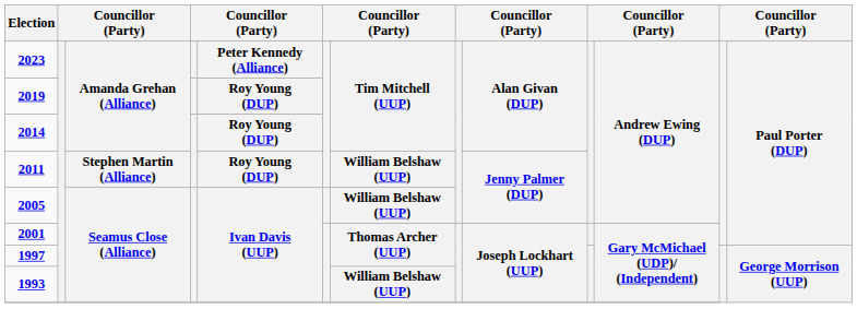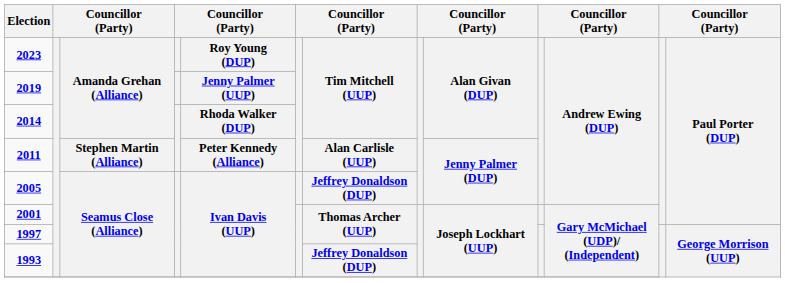 <table class="wikitable" style="text-align:center">
 <tr>
 <th scope="col" width="50">Election</th>
 <th scope="col" width="150" colspan = "2">Councillor<br> (Party)</th>
 <th scope="col" width="150" colspan = "2">Councillor<br> (Party)</th>
 <th scope="col" width="150" colspan = "2">Councillor<br> (Party)</th>
 <th scope="col" width="150" colspan = "2">Councillor<br> (Party)</th>
 <th scope="col" width="150" colspan = "2">Councillor<br> (Party)</th>
 <th scope="col" width="150" colspan = "2">Councillor<br> (Party)</th>
 </tr>
 <tr>
 <td><strong><a href='#'>2023</a></strong></td>
 <th rowspan="8" width="1" style="background-color: "></th>
 <th rowspan = "3">Amanda Grehan <br> (<a href='#'>Alliance</a>)</th>
 <th rowspan="1" width="1" style="background-color: "></th>
-<th rowspan = "1">Peter Kennedy <br> (<a href='#'>Alliance</a>)</th>
+<th rowspan = "1">Roy Young <br> (<a href='#'>DUP</a>)</th>
 <th rowspan="4" width="1" style="background-color: "></th>
 <th rowspan = "3">Tim Mitchell <br> (<a href='#'>UUP</a>)</th>
 <th rowspan="5" width="1" style="background-color: "></th>
 <th rowspan = "3">Alan Givan <br> (<a href='#'>DUP</a>)</th>
 <th rowspan="5" width="1" style="background-color: "></th>
 <th rowspan = "5">Andrew Ewing <br> (<a href='#'>DUP</a>)</th>
 <th rowspan="6" width="1" style="background-color: "></th>
 <th rowspan = "6">Paul Porter <br> (<a href='#'>DUP</a>)</th>
 </tr>
 <tr>
 <td><strong><a href='#'>2019</a></strong></td>
 <th rowspan="1" width="1" style="background-color: "></th>
-<th rowspan = "1">Roy Young <br> (<a href='#'>DUP</a>)</th>
+<th rowspan = "1"><a href='#'>Jenny Palmer</a> <br> (<a href='#'>UUP</a>)</th>
 </tr>
 <tr>
 <td><strong><a href='#'>2014</a></strong></td>
 <th rowspan="2" width="1" style="background-color: "></th>
-<th rowspan = "1">Roy Young <br> (<a href='#'>DUP</a>)</th>
+<th rowspan = "1">Rhoda Walker <br> (<a href='#'>DUP</a>)</th>
 </tr>
 <tr>
 <td><strong><a href='#'>2011</a></strong></td>
 <th rowspan = "1">Stephen Martin <br> (<a href='#'>Alliance</a>)</th>
-<th rowspan = "1">Roy Young <br> (<a href='#'>DUP</a>)</th>
-<th rowspan = "1">William Belshaw <br> (<a href='#'>UUP</a>)</th>
+<th rowspan = "1">Peter Kennedy <br> (<a href='#'>Alliance</a>)</th>
+<th rowspan = "1">Alan Carlisle <br> (<a href='#'>UUP</a>)</th>
 <th rowspan = "2"><a href='#'>Jenny Palmer</a> <br> (<a href='#'>DUP</a>)</th>
 </tr>
 <tr>
 <td><strong><a href='#'>2005</a></strong></td>
 <th rowspan = "4"><a href='#'>Seamus Close</a> <br> (<a href='#'>Alliance</a>)</th>
 <th rowspan="4" width="1" style="background-color: "></th>
 <th rowspan = "4"><a href='#'>Ivan Davis</a> <br> (<a href='#'>UUP</a>)</th>
 <th rowspan="1" width="1" style="background-color: "></th>
-<th rowspan = "1">William Belshaw <br> (<a href='#'>UUP</a>)</th>
+<th rowspan = "1"><a href='#'>Jeffrey Donaldson</a> <br> (<a href='#'>DUP</a>)</th>
 </tr>
 <tr>
 <td><strong><a href='#'>2001</a></strong></td>
 <th rowspan="3" width="1" style="background-color: "></th>
 <th rowspan = "2">Thomas Archer <br> (<a href='#'>UUP</a>)</th>
 <th rowspan="3" width="1" style="background-color: "></th>
 <th rowspan = "3">Joseph Lockhart <br> (<a href='#'>UUP</a>)</th>
 <th rowspan="1" width="1" style="background-color: "></th>
 <th rowspan = "3"><a href='#'>Gary McMichael</a> <br> (<a href='#'>UDP</a>)/ <br> (<a href='#'>Independent</a>)</th>
 </tr>
 <tr>
 <td><strong><a href='#'>1997</a></strong></td>
 <th rowspan="2" width="1" style="background-color: "></th>
 <th rowspan="3" width="1" style="background-color: "></th>
 <th rowspan = "3"><a href='#'>George Morrison</a> <br> (<a href='#'>UUP</a>)</th>
 </tr>
 <tr>
 <td><strong><a href='#'>1993</a></strong></td>
-<th rowspan = "1">William Belshaw <br> (<a href='#'>UUP</a>)</th>
+<th rowspan = "1"><a href='#'>Jeffrey Donaldson</a> <br> (<a href='#'>DUP</a>)</th>
 </tr>
 <tr>
 </tr>
 </table>
